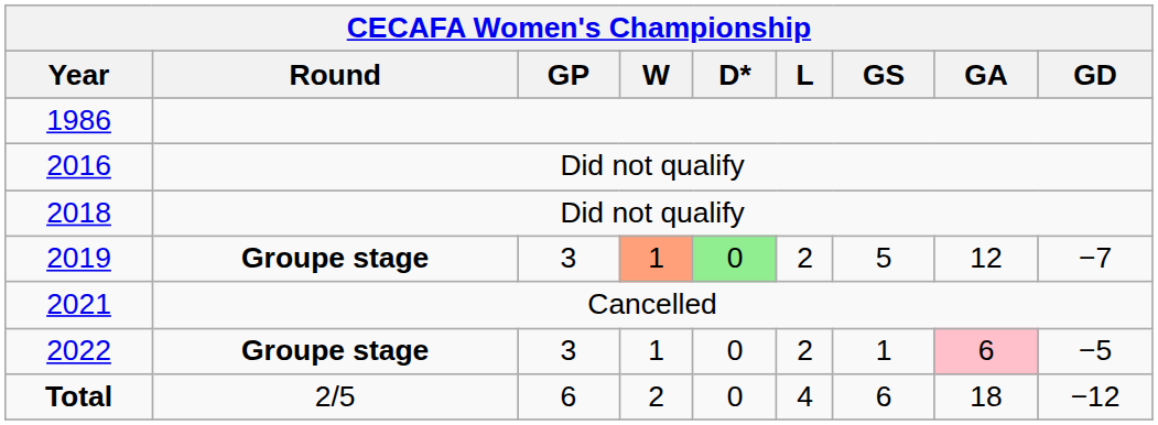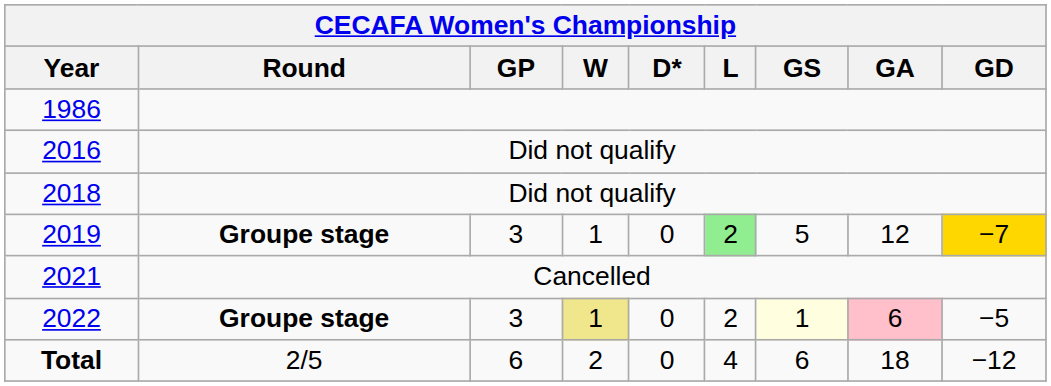 <table class="wikitable" style="text-align: center; width:50%;">
 <tr>
 <th colspan=10><a href='#'>CECAFA Women's Championship</a></th>
 </tr>
 <tr>
 <th>Year</th>
 <th>Round</th>
 <th>GP</th>
 <th>W</th>
 <th>D*</th>
 <th>L</th>
 <th>GS</th>
 <th>GA</th>
 <th>GD</th>
 </tr>
 <tr>
 <td> <a href='#'>1986</a></td>
 </tr>
 <tr>
 <td> <a href='#'>2016</a></td>
 <td colspan=8>Did not qualify</td>
 </tr>
 <tr>
 <td> <a href='#'>2018</a></td>
 <td colspan=8>Did not qualify</td>
 </tr>
 <tr>
 <td> <a href='#'>2019</a></td>
 <td><strong>Groupe stage</strong></td>
 <td>3</td>
-<td style="background: lightsalmon;">1</td>
-<td style="background: lightgreen;">0</td>
-<td>2</td>
+<td>1</td>
+<td>0</td>
+<td style="background: lightgreen;">2</td>
 <td>5</td>
 <td>12</td>
-<td>−7</td>
+<td style="background: gold;">−7</td>
 </tr>
 <tr>
 <td> <a href='#'>2021</a></td>
 <td colspan=8>Cancelled</td>
 </tr>
 <tr>
 <td> <a href='#'>2022</a></td>
 <td><strong>Groupe stage</strong></td>
 <td>3</td>
-<td>1</td>
+<td style="background: khaki;">1</td>
 <td>0</td>
 <td>2</td>
-<td>1</td>
+<td style="background: lightyellow;">1</td>
 <td style="background: pink;">6</td>
 <td>−5</td>
 </tr>
 <tr>
 <td><strong>Total</strong></td>
 <td>2/5</td>
 <td>6</td>
 <td>2</td>
 <td>0</td>
 <td>4</td>
 <td>6</td>
 <td>18</td>
 <td>−12</td>
 </tr>
 </table>
